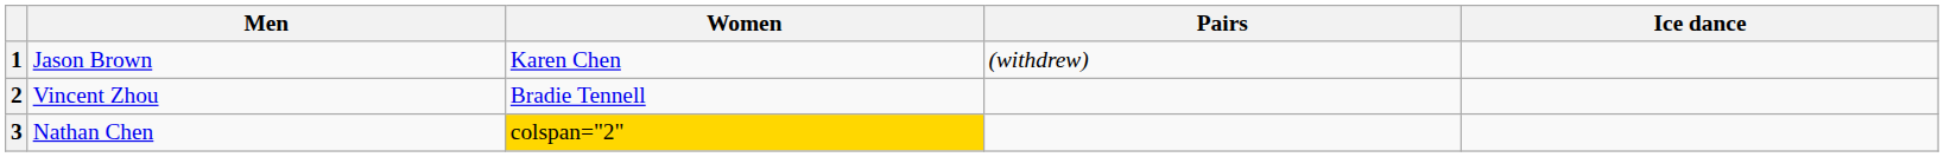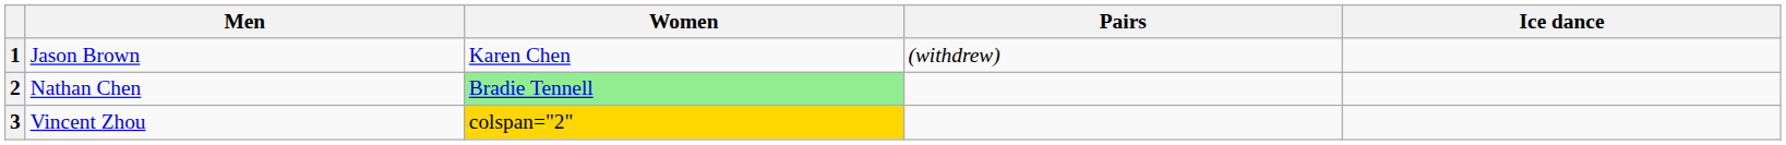 <table class="wikitable unsortable" style="text-align:left; width:85%">
 <tr>
 <th scope="col"></th>
 <th scope="col" style="width:25%">Men</th>
 <th scope="col" style="width:25%">Women</th>
 <th scope="col" style="width:25%">Pairs</th>
 <th scope="col" style="width:25%">Ice dance</th>
 </tr>
 <tr>
 <th scope="row">1</th>
 <td><a href='#'>Jason Brown</a></td>
 <td><a href='#'>Karen Chen</a></td>
 <td><s></s> <em>(withdrew)</em></td>
 <td></td>
 </tr>
 <tr>
 <th scope="row">2</th>
-<td><a href='#'>Vincent Zhou</a></td>
-<td><a href='#'>Bradie Tennell</a></td>
+<td><a href='#'>Nathan Chen</a></td>
+<td style="background: lightgreen;"><a href='#'>Bradie Tennell</a></td>
 <td></td>
 <td></td>
 </tr>
 <tr>
 <th scope="row">3</th>
-<td><a href='#'>Nathan Chen</a></td>
+<td><a href='#'>Vincent Zhou</a></td>
 <td style="background: gold;">colspan="2" </td>
 <td></td>
 </tr>
 </table>
